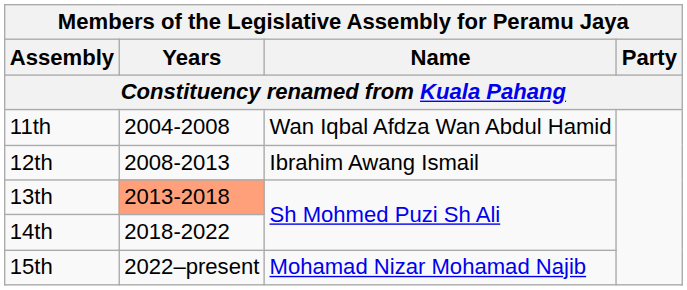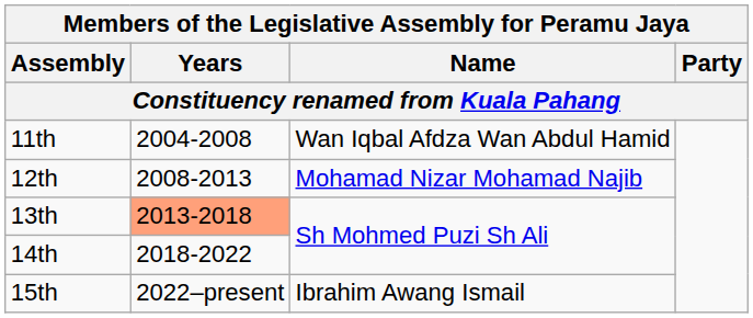 <table class="wikitable">
 <tr>
 <th colspan="4">Members of the Legislative Assembly for Peramu Jaya</th>
 </tr>
 <tr>
 <th>Assembly</th>
 <th>Years</th>
 <th>Name</th>
 <th>Party</th>
 </tr>
 <tr>
 <th colspan="4"><em>Constituency renamed from <a href='#'>Kuala Pahang</a></em></th>
 </tr>
 <tr>
 <td>11th</td>
 <td>2004-2008</td>
 <td>Wan Iqbal Afdza Wan Abdul Hamid</td>
 <td rowspan="5"></td>
 </tr>
 <tr>
 <td>12th</td>
 <td>2008-2013</td>
-<td>Ibrahim Awang Ismail</td>
+<td><a href='#'>Mohamad Nizar Mohamad Najib</a></td>
 </tr>
 <tr>
 <td>13th</td>
 <td style="background: lightsalmon;">2013-2018</td>
 <td rowspan="2"><a href='#'>Sh Mohmed Puzi Sh Ali</a></td>
 </tr>
 <tr>
 <td>14th</td>
 <td>2018-2022</td>
 </tr>
 <tr>
 <td>15th</td>
 <td>2022–present</td>
-<td><a href='#'>Mohamad Nizar Mohamad Najib</a></td>
+<td>Ibrahim Awang Ismail</td>
 </tr>
 </table>
